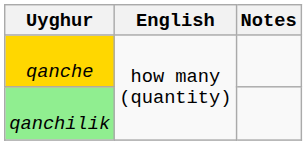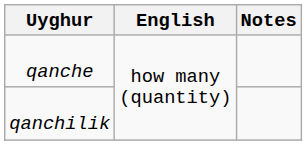 <table class="wikitable" style="text-align: center;">
 <tr>
 <th>Uyghur</th>
 <th>English</th>
 <th>Notes</th>
 </tr>
 <tr>
-<td style="background: gold;"><strong></strong><br><em>qanche</em></td>
+<td><strong></strong><br><em>qanche</em></td>
 <td rowspan="2">how many<br>(quantity)</td>
 <td></td>
 </tr>
 <tr>
-<td style="background: lightgreen;"><strong></strong><br><em>qanchilik</em></td>
+<td><strong></strong><br><em>qanchilik</em></td>
 <td></td>
 </tr>
 </table>
